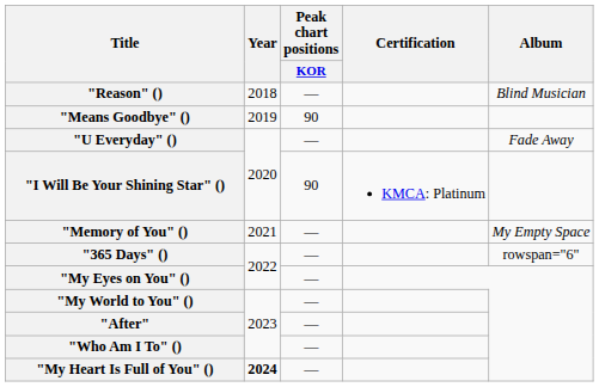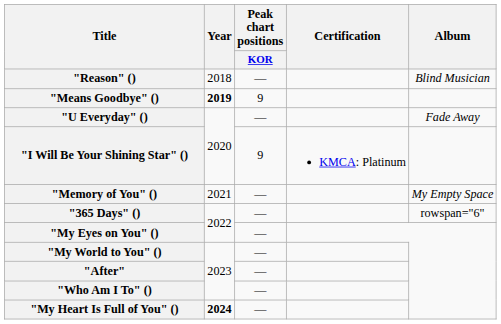 <table class="wikitable plainrowheaders" style="text-align:center;" border="1">
 <tr>
 <th scope="col" rowspan="2" style="width:16em;">Title</th>
 <th scope="col" rowspan="2">Year</th>
 <th scope="col">Peak chart positions</th>
 <th scope="col" rowspan="2">Certification</th>
 <th scope="col" rowspan="2">Album</th>
 </tr>
 <tr>
 <th scope="col" style="width:3em;font-size:90%;"><a href='#'>KOR</a><br></th>
 </tr>
 <tr>
 <th scope="row">"Reason" ()</th>
 <td>2018</td>
 <td>—</td>
 <td></td>
 <td><em>Blind Musician</em></td>
 </tr>
 <tr>
 <th scope="row">"Means Goodbye" ()</th>
-<td>2019</td>
-<td>90</td>
+<td><strong>2019</strong></td>
+<td>9</td>
 <td></td>
 <td></td>
 </tr>
 <tr>
 <th scope="row">"U Everyday" ()</th>
 <td rowspan="2">2020</td>
 <td>—</td>
 <td></td>
 <td><em>Fade Away</em></td>
 </tr>
 <tr>
 <th scope="row">"I Will Be Your Shining Star" ()</th>
-<td>90</td>
+<td>9</td>
 <td><br><ul><li><a href='#'>KMCA</a>: Platinum</li></ul></td>
 <td></td>
 </tr>
 <tr>
 <th scope="row">"Memory of You" ()</th>
 <td>2021</td>
 <td>—</td>
 <td></td>
 <td><em>My Empty Space</em></td>
 </tr>
 <tr>
 <th scope="row">"365 Days" ()</th>
 <td rowspan="2">2022</td>
 <td>—</td>
 <td></td>
 <td>rowspan="6" </td>
 </tr>
 <tr>
 <th scope="row">"My Eyes on You" ()</th>
 <td>—</td>
 </tr>
 <tr>
 <th scope="row">"My World to You" ()</th>
 <td rowspan="3">2023</td>
 <td>—</td>
 <td></td>
 </tr>
 <tr>
 <th scope="row">"After"</th>
 <td>—</td>
 <td></td>
 </tr>
 <tr>
 <th scope="row">"Who Am I To" ()</th>
 <td>—</td>
 <td></td>
 </tr>
 <tr>
 <th scope="row">"My Heart Is Full of You" ()</th>
 <td><strong>2024</strong></td>
 <td>—</td>
 <td></td>
 </tr>
 </table>
